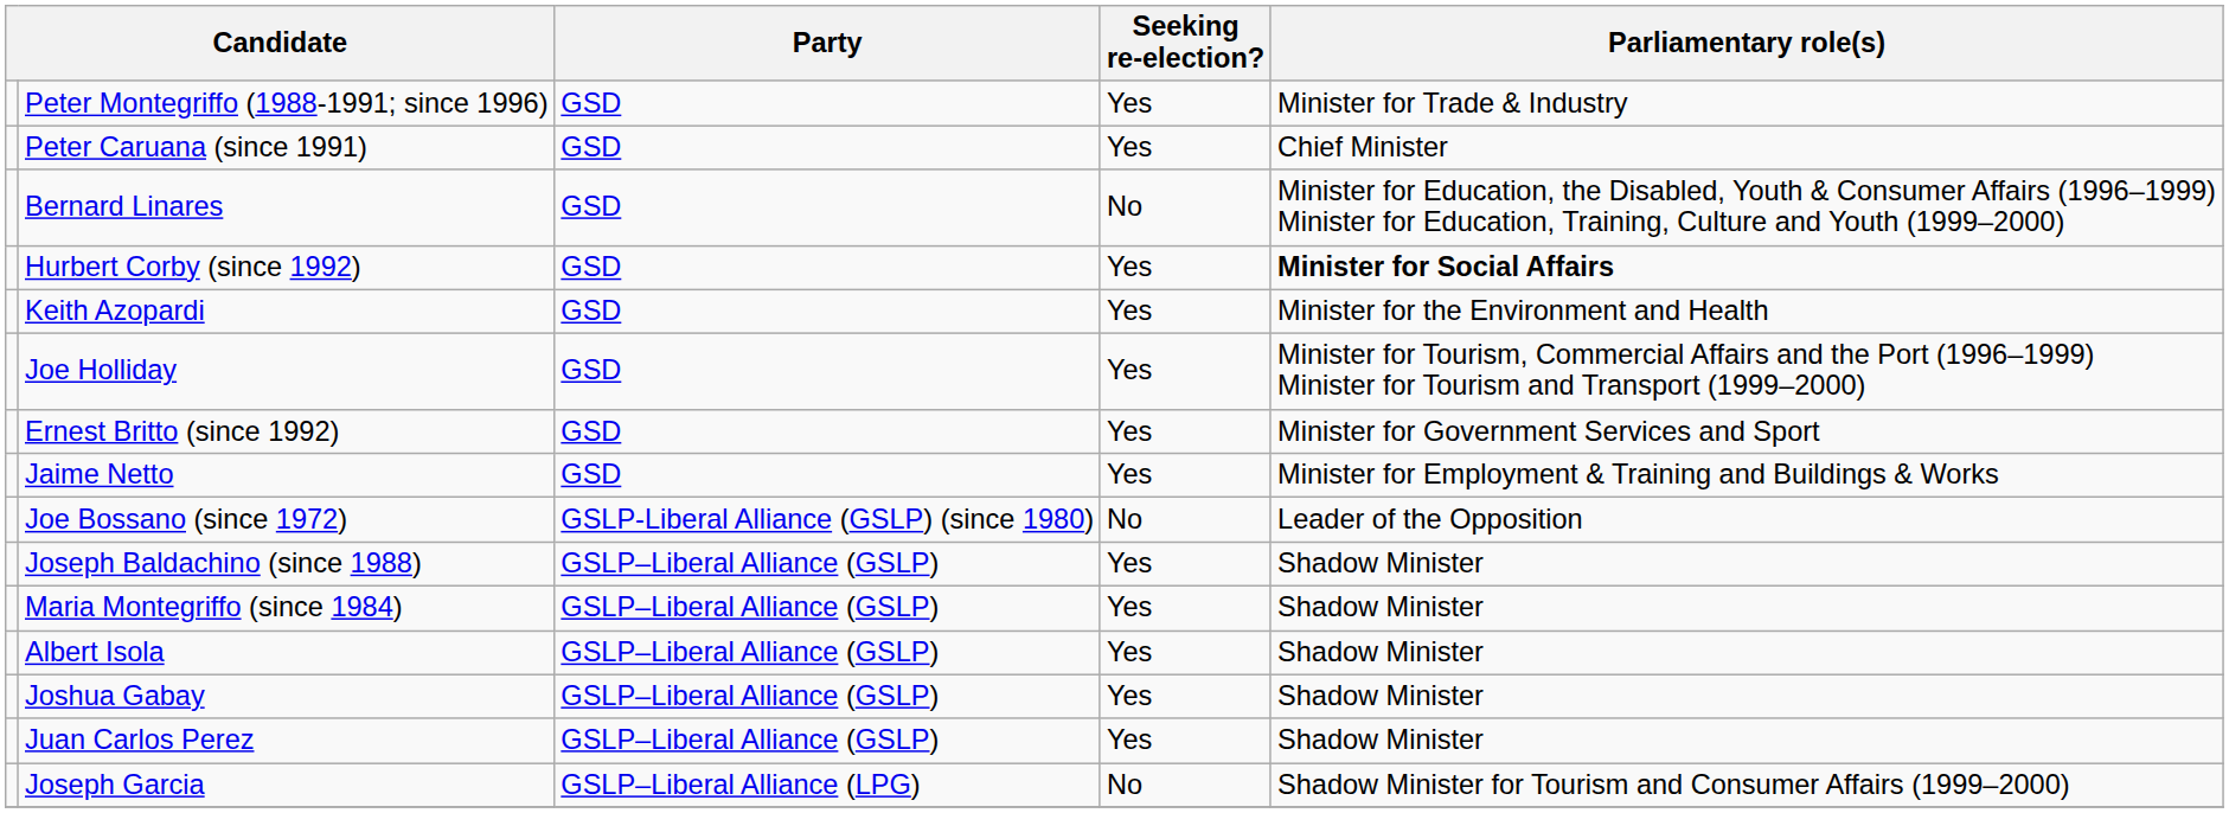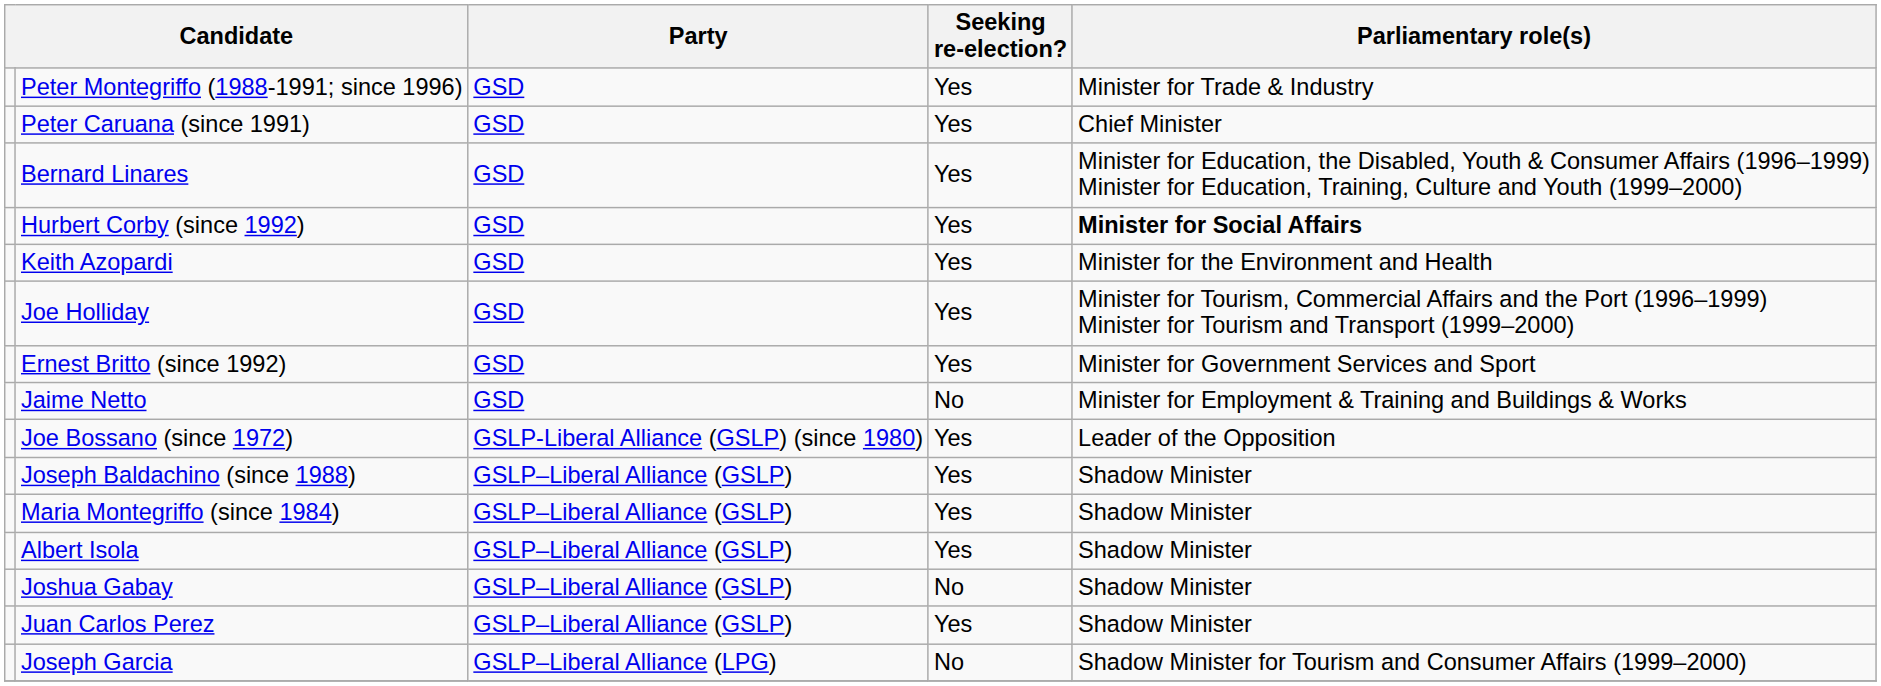 <table class=wikitable>
 <tr>
 <th colspan=2>Candidate</th>
 <th>Party</th>
 <th>Seeking<br>re-election?</th>
 <th>Parliamentary role(s)</th>
 </tr>
 <tr>
 <td style="background-color: "></td>
 <td><a href='#'>Peter Montegriffo</a> (<a href='#'>1988</a>-1991; since 1996)</td>
 <td><a href='#'>GSD</a></td>
 <td>Yes</td>
 <td>Minister for Trade & Industry</td>
 </tr>
 <tr>
 <td style="background-color: "></td>
 <td><a href='#'>Peter Caruana</a> (since 1991)</td>
 <td><a href='#'>GSD</a></td>
 <td>Yes</td>
 <td>Chief Minister</td>
 </tr>
 <tr>
 <td style="background-color: "></td>
 <td><a href='#'>Bernard Linares</a></td>
 <td><a href='#'>GSD</a></td>
-<td>No</td>
+<td>Yes</td>
 <td>Minister for Education, the Disabled, Youth & Consumer Affairs (1996–1999)<br>Minister for Education, Training, Culture and Youth (1999–2000)</td>
 </tr>
 <tr>
 <td style="background-color: "></td>
 <td><a href='#'>Hurbert Corby</a> (since <a href='#'>1992</a>)</td>
 <td><a href='#'>GSD</a></td>
 <td>Yes</td>
 <td><strong>Minister for Social Affairs</strong></td>
 </tr>
 <tr>
 <td style="background-color: "></td>
 <td><a href='#'>Keith Azopardi</a></td>
 <td><a href='#'>GSD</a></td>
 <td>Yes</td>
 <td>Minister for the Environment and Health</td>
 </tr>
 <tr>
 <td style="background-color: "></td>
 <td><a href='#'>Joe Holliday</a></td>
 <td><a href='#'>GSD</a></td>
 <td>Yes</td>
 <td>Minister for Tourism, Commercial Affairs and the Port (1996–1999)<br>Minister for Tourism and Transport (1999–2000)</td>
 </tr>
 <tr>
 <td style="background-color: "></td>
 <td><a href='#'>Ernest Britto</a> (since 1992)</td>
 <td><a href='#'>GSD</a></td>
 <td>Yes</td>
 <td>Minister for Government Services and Sport</td>
 </tr>
 <tr>
 <td style="background-color: "></td>
 <td><a href='#'>Jaime Netto</a></td>
 <td><a href='#'>GSD</a></td>
-<td>Yes</td>
+<td>No</td>
 <td>Minister for Employment & Training and Buildings & Works</td>
 </tr>
 <tr>
 <td style="background-color: "></td>
 <td><a href='#'>Joe Bossano</a> (since <a href='#'>1972</a>)</td>
 <td><a href='#'>GSLP-Liberal Alliance</a> (<a href='#'>GSLP</a>) (since <a href='#'>1980</a>)</td>
-<td>No</td>
+<td>Yes</td>
 <td>Leader of the Opposition</td>
 </tr>
 <tr>
 <td style="background-color: "></td>
 <td><a href='#'>Joseph Baldachino</a> (since <a href='#'>1988</a>)</td>
 <td><a href='#'>GSLP–Liberal Alliance</a> (<a href='#'>GSLP</a>)</td>
 <td>Yes</td>
 <td>Shadow Minister</td>
 </tr>
 <tr>
 <td style="background-color: "></td>
 <td><a href='#'>Maria Montegriffo</a> (since <a href='#'>1984</a>)</td>
 <td><a href='#'>GSLP–Liberal Alliance</a> (<a href='#'>GSLP</a>)</td>
 <td>Yes</td>
 <td>Shadow Minister</td>
 </tr>
 <tr>
 <td style="background-color: "></td>
 <td><a href='#'>Albert Isola</a></td>
 <td><a href='#'>GSLP–Liberal Alliance</a> (<a href='#'>GSLP</a>)</td>
 <td>Yes</td>
 <td>Shadow Minister</td>
 </tr>
 <tr>
 <td style="background-color: "></td>
 <td><a href='#'>Joshua Gabay</a></td>
 <td><a href='#'>GSLP–Liberal Alliance</a> (<a href='#'>GSLP</a>)</td>
-<td>Yes</td>
+<td>No</td>
 <td>Shadow Minister</td>
 </tr>
 <tr>
 <td style="background-color: "></td>
 <td><a href='#'>Juan Carlos Perez</a></td>
 <td><a href='#'>GSLP–Liberal Alliance</a> (<a href='#'>GSLP</a>)</td>
 <td>Yes</td>
 <td>Shadow Minister</td>
 </tr>
 <tr>
 <td style="background-color: "></td>
 <td><a href='#'>Joseph Garcia</a></td>
 <td><a href='#'>GSLP–Liberal Alliance</a> (<a href='#'>LPG</a>)</td>
 <td>No</td>
 <td>Shadow Minister for Tourism and Consumer Affairs (1999–2000)</td>
 </tr>
 <tr>
 </tr>
 </table>
